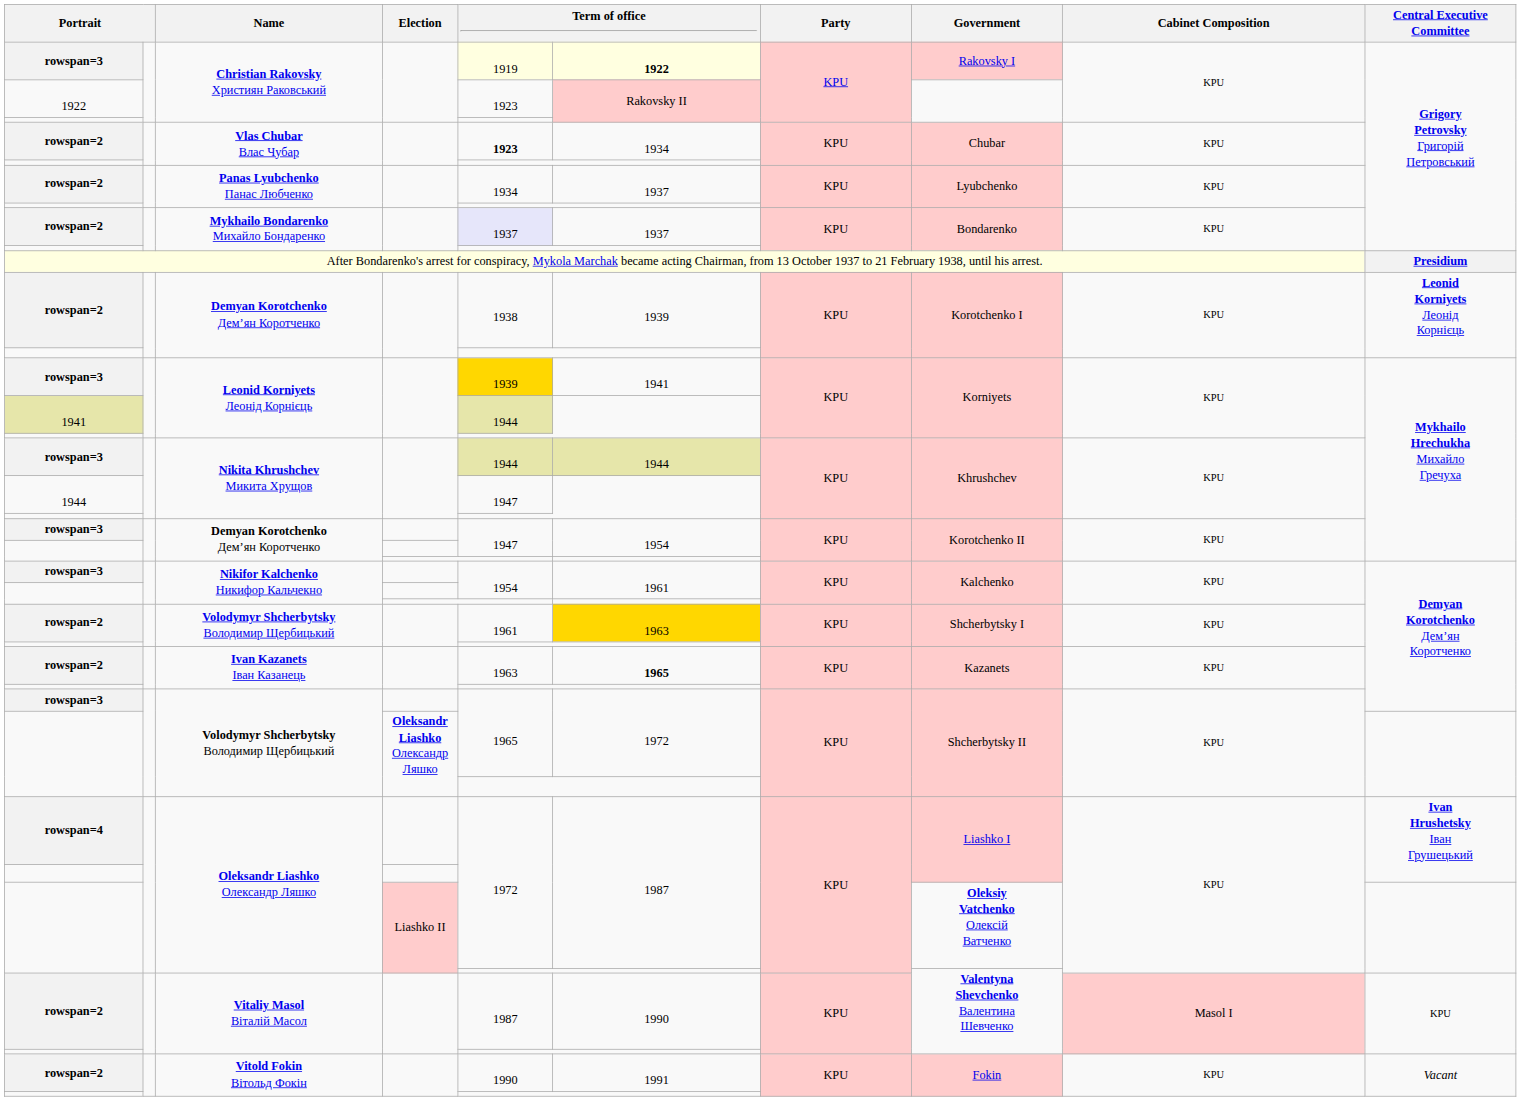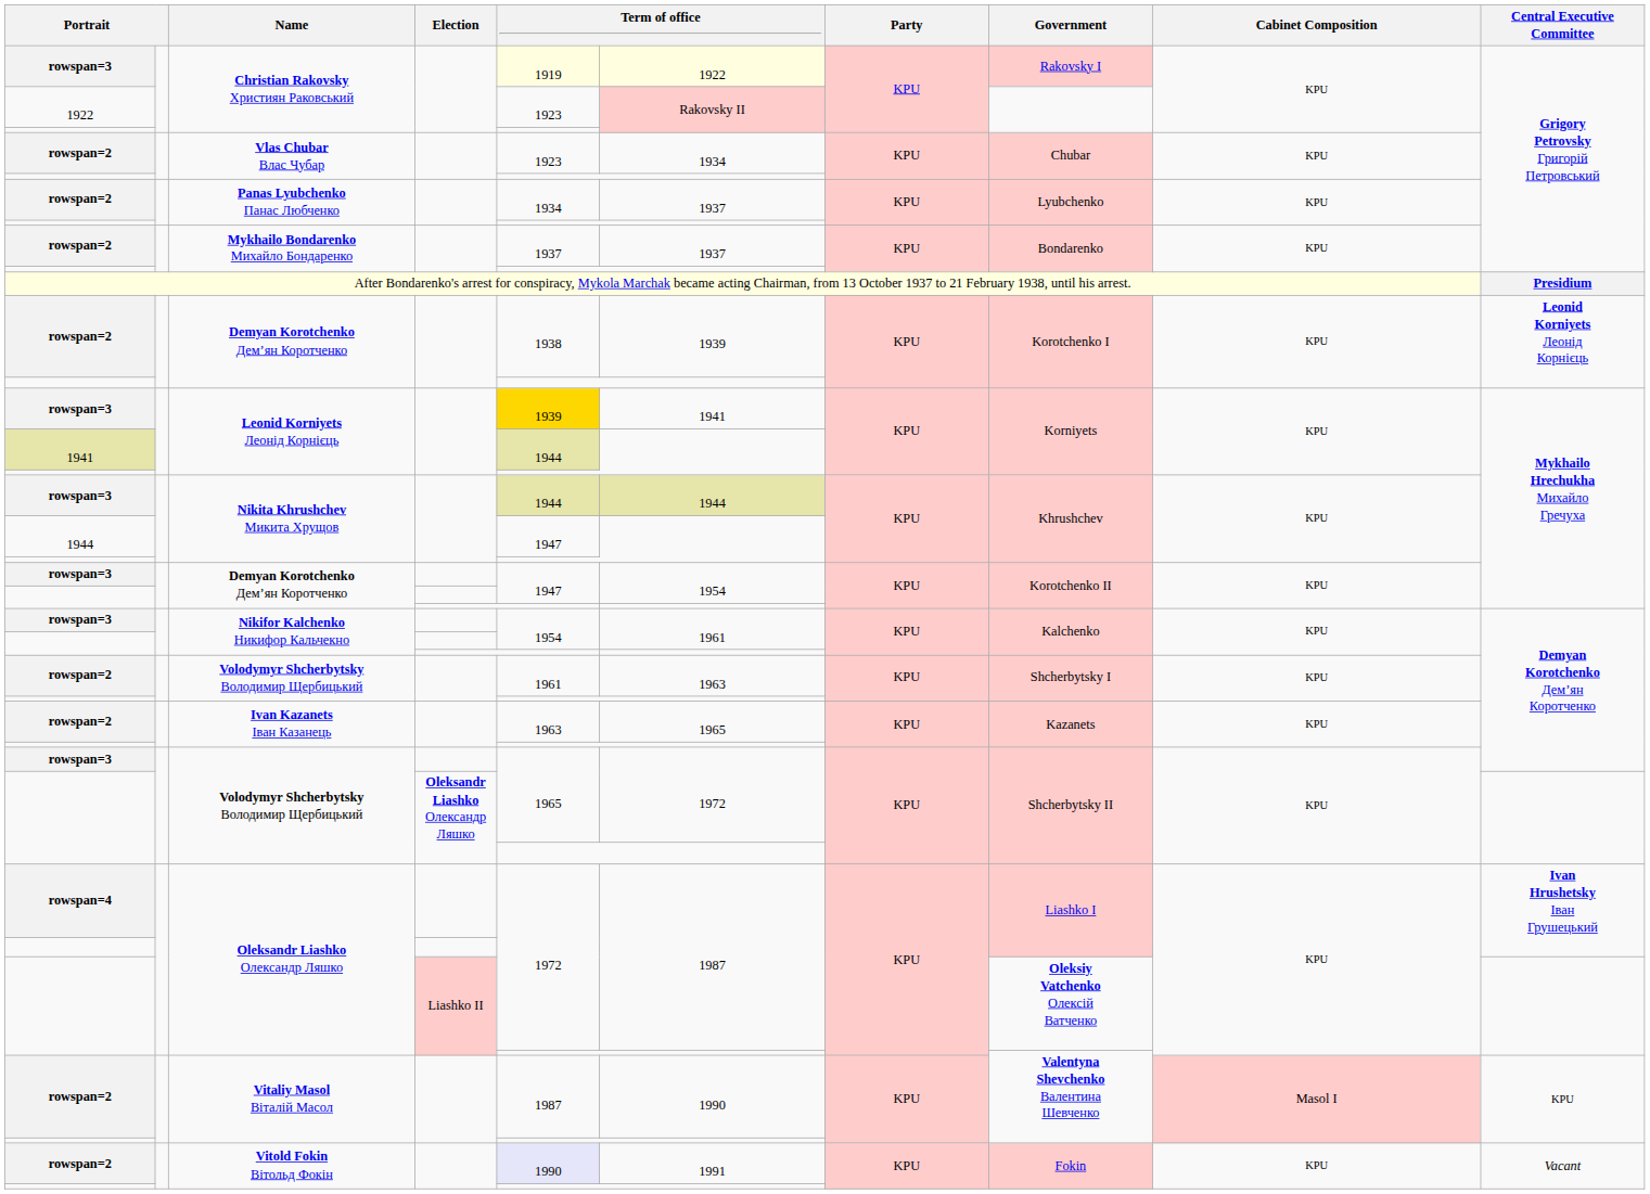 <table class="wikitable plainrowheaders" style="text-align: center; line-height: 130%; width: 99%">
 <tr>
 <th scope="col" colspan="2" style="width: 10%">Portrait</th>
 <th scope="col" style="width: 15%">Name<br></th>
 <th scope="col" style="width: 5%">Election</th>
 <th scope="col" colspan="2" style="width: 20%">Term of office<hr></th>
 <th scope="col" style="width: 10%">Party</th>
 <th scope="col" style="width: 10%">Government</th>
 <th scope="col" style="width: 20%">Cabinet Composition</th>
 <th scope="col" style="width: 10%"><a href='#'>Central Executive Committee</a></th>
 </tr>
 <tr>
 <th>rowspan=3 </th>
 <td rowspan=3></td>
 <td rowspan=3><a href='#'><strong>Christian Rakovsky</strong><br><span>Християн Раковський</span></a><br></td>
 <td rowspan=3></td>
 <td class="nowrap" style="background:#FFFFE0"><br>1919</td>
-<td class="nowrap" style="background:#FFFFE0"><strong><br>1922</strong></td>
+<td class="nowrap" style="background:#FFFFE0"><br>1922</td>
 <td rowspan=3 style="background:#FFCCCC"><a href='#'>KPU</a></td>
 <td style="background:#FFCCCC"><a href='#'>Rakovsky I</a></td>
 <td rowspan="3" style="font-size:85%; font-weight:normal; line-height:normal; text-align:center">KPU</td>
 <td rowspan="9" style="font-weight:normal; text-align:center"><a href='#'><strong>Grigory<br>Petrovsky</strong><br><span>Григорій<br>Петровський</span></a><br><br></td>
 </tr>
 <tr>
 <td class="nowrap"><br>1922</td>
 <td class="nowrap"><br>1923</td>
 <td rowspan=2 style="background:#FFCCCC">Rakovsky II</td>
 </tr>
 <tr>
 <td colspan="2" style="font-weight:normal; text-align:center; font-size:85%"></td>
 </tr>
 <tr>
 <th>rowspan=2 </th>
 <td rowspan=2></td>
 <td rowspan=2><a href='#'><strong>Vlas Chubar</strong><br><span>Влас Чубар</span></a><br></td>
 <td rowspan=2></td>
-<td class="nowrap"><strong><br>1923</strong></td>
+<td class="nowrap"><br>1923</td>
 <td class="nowrap"><br>1934</td>
 <td rowspan=2 style="background:#FFCCCC">KPU</td>
 <td rowspan=2 style="background:#FFCCCC">Chubar</td>
 <td rowspan="2" style="font-size:85%; font-weight:normal; line-height:normal; text-align:center">KPU</td>
 </tr>
 <tr>
 <td colspan="2" style="font-weight:normal; text-align:center; font-size:85%"></td>
 </tr>
 <tr>
 <th>rowspan=2 </th>
 <td rowspan=2></td>
 <td rowspan=2><a href='#'><strong>Panas Lyubchenko</strong><br><span>Панас Любченко</span></a><br></td>
 <td rowspan=2></td>
 <td class="nowrap"><br>1934</td>
 <td class="nowrap"><br>1937</td>
 <td rowspan=2 style="background:#FFCCCC">KPU</td>
 <td rowspan=2 style="background:#FFCCCC">Lyubchenko</td>
 <td rowspan="2" style="font-size:85%; font-weight:normal; line-height:normal; text-align:center">KPU</td>
 </tr>
 <tr>
 <td colspan="2" style="font-weight:normal; text-align:center; font-size:85%"> </td>
 </tr>
 <tr>
 <th>rowspan=2 </th>
 <td rowspan=2></td>
 <td rowspan=2><a href='#'><strong>Mykhailo Bondarenko</strong><br><span>Михайло Бондаренко</span></a><br></td>
 <td rowspan=2></td>
-<td class="nowrap" style="background: lavender;"><br>1937</td>
+<td class="nowrap"><br>1937</td>
 <td class="nowrap"><br>1937</td>
 <td rowspan=2 style="background:#FFCCCC">KPU</td>
 <td rowspan=2 style="background:#FFCCCC">Bondarenko</td>
 <td rowspan="2" style="font-size:85%; font-weight:normal; line-height:normal; text-align:center">KPU</td>
 </tr>
 <tr>
 <td colspan="2" style="font-weight:normal; text-align:center; font-size:85%"></td>
 </tr>
 <tr>
 <td colspan=9 style="background:#FFFFE0">After Bondarenko's arrest for conspiracy, <a href='#'>Mykola Marchak</a> became acting Chairman, from 13 October 1937 to 21 February 1938, until his arrest.</td>
 <th><a href='#'>Presidium</a></th>
 </tr>
 <tr>
 <th>rowspan=2 </th>
 <td rowspan=2></td>
 <td rowspan=2><a href='#'><strong>Demyan Korotchenko</strong><br><span>Дем’ян Коротченко</span></a><br></td>
 <td rowspan=2></td>
 <td class="nowrap"><br>1938</td>
 <td class="nowrap"><br>1939</td>
 <td rowspan=2 style="background:#FFCCCC">KPU</td>
 <td rowspan=2 style="background:#FFCCCC">Korotchenko I</td>
 <td rowspan="2" style="font-size:85%; font-weight:normal; line-height:normal; text-align:center">KPU</td>
 <td rowspan="2" style="font-weight:normal; text-align:center"><a href='#'><strong>Leonid<br>Korniyets</strong><br><span>Леонід<br>Корнієць</span></a><br><br></td>
 </tr>
 <tr>
 <td colspan="2" style="font-weight:normal; text-align:center; font-size:85%"></td>
 </tr>
 <tr>
 <th>rowspan=3 </th>
 <td rowspan=3></td>
 <td rowspan=3><a href='#'><strong>Leonid Korniyets</strong><br><span>Леонід Корнієць</span></a><br></td>
 <td rowspan=3></td>
 <td class="nowrap" style="background: gold;"><br>1939</td>
 <td class="nowrap"><br>1941</td>
 <td rowspan=3 style="background:#FFCCCC">KPU</td>
 <td rowspan=3 style="background:#FFCCCC">Korniyets</td>
 <td rowspan="3" style="font-size:85%; font-weight:normal; line-height:normal; text-align:center">KPU</td>
 <td rowspan="9" style="font-weight:normal; text-align:center"><a href='#'><strong>Mykhailo<br>Hrechukha</strong><br><span>Михайло<br>Гречуха</span></a><br><br></td>
 </tr>
 <tr>
 <td class="nowrap" style="background:#E6E6AA"><br>1941</td>
 <td class="nowrap" style="background:#E6E6AA"><br>1944</td>
 </tr>
 <tr>
 <td colspan="2" style="font-weight:normal; text-align:center; font-size:85%"></td>
 </tr>
 <tr>
 <th>rowspan=3 </th>
 <td rowspan=3></td>
 <td rowspan=3><a href='#'><strong>Nikita Khrushchev</strong><br><span>Микита Хрущов</span></a><br></td>
 <td rowspan=3></td>
 <td class="nowrap" style="background:#E6E6AA"><br>1944</td>
 <td class="nowrap" style="background:#E6E6AA"><br>1944</td>
 <td rowspan=3 style="background:#FFCCCC">KPU</td>
 <td rowspan=3 style="background:#FFCCCC">Khrushchev</td>
 <td rowspan="3" style="font-size:85%; font-weight:normal; line-height:normal; text-align:center">KPU</td>
 </tr>
 <tr>
 <td class="nowrap"><br>1944</td>
 <td class="nowrap"><br>1947</td>
 </tr>
 <tr>
 <td colspan="2" style="font-weight:normal; text-align:center; font-size:85%"></td>
 </tr>
 <tr>
 <th>rowspan=3 </th>
 <td rowspan=3></td>
 <td rowspan=3><strong>Demyan Korotchenko</strong><br><span>Дем’ян Коротченко</span><br></td>
 <td></td>
 <td rowspan=2 class="nowrap"><br>1947</td>
 <td rowspan=2 class="nowrap"><br>1954</td>
 <td rowspan=3 style="background:#FFCCCC">KPU</td>
 <td rowspan=3 style="background:#FFCCCC">Korotchenko II</td>
 <td rowspan="3" style="font-size:85%; font-weight:normal; line-height:normal; text-align:center">KPU</td>
 </tr>
 <tr>
 <td rowspan=2></td>
 </tr>
 <tr>
 <td colspan="2" style="font-weight:normal; text-align:center; font-size:85%"></td>
 </tr>
 <tr>
 <th>rowspan=3 </th>
 <td rowspan=3></td>
 <td rowspan=3><a href='#'><strong>Nikifor Kalchenko</strong><br><span>Никифор Кальчекно</span></a><br></td>
 <td></td>
 <td rowspan=2 class="nowrap"><br>1954</td>
 <td rowspan=2 class="nowrap"><br>1961</td>
 <td rowspan=3 style="background:#FFCCCC">KPU</td>
 <td rowspan=3 style="background:#FFCCCC">Kalchenko</td>
 <td rowspan="3" style="font-size:85%; font-weight:normal; line-height:normal; text-align:center">KPU</td>
 <td rowspan="8" style="font-weight:normal; text-align:center"><a href='#'><strong>Demyan<br>Korotchenko</strong><br><span>Дем’ян<br>Коротченко</span></a><br><br></td>
 </tr>
 <tr>
 <td rowspan=2></td>
 </tr>
 <tr>
 <td colspan="2" style="font-weight:normal; text-align:center; font-size:85%"></td>
 </tr>
 <tr>
 <th>rowspan=2 </th>
 <td rowspan=2></td>
 <td rowspan=2><a href='#'><strong>Volodymyr Shcherbytsky</strong><br><span>Володимир Щербицький</span></a><br></td>
 <td rowspan=2></td>
 <td class="nowrap"><br>1961</td>
-<td class="nowrap" style="background: gold;"><br>1963</td>
+<td class="nowrap"><br>1963</td>
 <td rowspan=2 style="background:#FFCCCC">KPU</td>
 <td rowspan=2 style="background:#FFCCCC">Shcherbytsky I</td>
 <td rowspan="2" style="font-size:85%; font-weight:normal; line-height:normal; text-align:center">KPU</td>
 </tr>
 <tr>
 <td colspan="2" style="font-weight:normal; text-align:center; font-size:85%"></td>
 </tr>
 <tr>
 <th>rowspan=2 </th>
 <td rowspan=2></td>
 <td rowspan=2><a href='#'><strong>Ivan Kazanets</strong><br><span> Іван Казанець</span></a><br></td>
 <td rowspan=2></td>
 <td class="nowrap"><br>1963</td>
-<td class="nowrap"><strong><br>1965</strong></td>
+<td class="nowrap"><br>1965</td>
 <td rowspan=2 style="background:#FFCCCC">KPU</td>
 <td rowspan=2 style="background:#FFCCCC">Kazanets</td>
 <td rowspan="2" style="font-size:85%; font-weight:normal; line-height:normal; text-align:center">KPU</td>
 </tr>
 <tr>
 <td colspan="2" style="font-weight:normal; text-align:center; font-size:85%"></td>
 </tr>
 <tr>
 <th>rowspan=3 </th>
 <td rowspan=3></td>
 <td rowspan=3><strong>Volodymyr Shcherbytsky</strong><br><span>Володимир Щербицький</span><br></td>
 <td></td>
 <td rowspan=2 class="nowrap"><br>1965</td>
 <td rowspan=2 class="nowrap"><br>1972</td>
 <td rowspan=3 style="background:#FFCCCC">KPU</td>
 <td rowspan=3 style="background:#FFCCCC">Shcherbytsky II</td>
 <td rowspan="3" style="font-size:85%; font-weight:normal; line-height:normal; text-align:center">KPU</td>
 </tr>
 <tr>
 <td rowspan=2></td>
 <td rowspan="2" style="font-weight:normal; text-align:center"><a href='#'><strong>Oleksandr<br>Liashko</strong><br><span>Олександр<br>Ляшко</span></a><br><br></td>
 </tr>
 <tr>
 <td colspan="2" style="font-weight:normal; text-align:center; font-size:85%"></td>
 </tr>
 <tr>
 <th>rowspan=4 </th>
 <td rowspan=4></td>
 <td rowspan=4><a href='#'><strong>Oleksandr Liashko</strong><br><span>Олександр Ляшко</span></a><br></td>
 <td></td>
 <td rowspan=3 class="nowrap"><br>1972</td>
 <td rowspan=3 class="nowrap"><br>1987</td>
 <td rowspan=4 style="background:#FFCCCC">KPU</td>
 <td rowspan=2 style="background:#FFCCCC"><a href='#'>Liashko I</a></td>
 <td rowspan="4" style="font-size:85%; font-weight:normal; line-height:normal; text-align:center">KPU</td>
 <td rowspan="2" style="font-weight:normal; text-align:center"><a href='#'><strong>Ivan<br>Hrushetsky</strong><br><span>Іван<br>Грушецький</span></a><br><br></td>
 </tr>
 <tr>
 <td></td>
 </tr>
 <tr>
 <td rowspan=2></td>
 <td rowspan=2 style="background:#FFCCCC">Liashko II</td>
 <td style="font-weight:normal; text-align:center"><a href='#'><strong>Oleksiy<br>Vatchenko</strong><br><span>Олексій<br>Ватченко</span></a><br><br></td>
 </tr>
 <tr>
 <td colspan="2" style="font-weight:normal; text-align:center; font-size:85%"></td>
 <td rowspan="3" style="font-weight:normal; text-align:center"><a href='#'><strong>Valentyna<br>Shevchenko</strong><br><span>Валентина<br>Шевченко</span></a><br><br></td>
 </tr>
 <tr>
 <th>rowspan=2 </th>
 <td rowspan=2></td>
 <td rowspan=2><a href='#'><strong>Vitaliy Masol</strong><br><span>Віталій Масол</span></a><br></td>
 <td rowspan=2></td>
 <td class="nowrap"><br>1987</td>
 <td class="nowrap"><br>1990</td>
 <td rowspan=2 style="background:#FFCCCC">KPU</td>
 <td rowspan=2 style="background:#FFCCCC">Masol I</td>
 <td rowspan="2" style="font-size:85%; font-weight:normal; line-height:normal; text-align:center">KPU</td>
 </tr>
 <tr>
 <td colspan="2" style="font-weight:normal; text-align:center; font-size:85%"></td>
 </tr>
 <tr>
 <th>rowspan=2 </th>
 <td rowspan=2></td>
 <td rowspan=2><a href='#'><strong>Vitold Fokin</strong><br><span>Вітольд Фокін</span></a><br></td>
 <td rowspan=2><a href='#'></a></td>
-<td class="nowrap"><br>1990</td>
+<td class="nowrap" style="background: lavender;"><br>1990</td>
 <td class="nowrap"><br>1991</td>
 <td rowspan=2 style="background:#FFCCCC">KPU</td>
 <td rowspan=2 style="background:#FFCCCC"><a href='#'>Fokin</a></td>
 <td rowspan="2" style="font-size:85%; font-weight:normal; line-height:normal; text-align:center">KPU</td>
 <td rowspan="2" style="font-weight:normal; text-align:center"><em>Vacant</em><br></td>
 </tr>
 <tr>
 <td colspan="2" style="font-weight:normal; text-align:center; font-size:85%"></td>
 </tr>
 </table>
